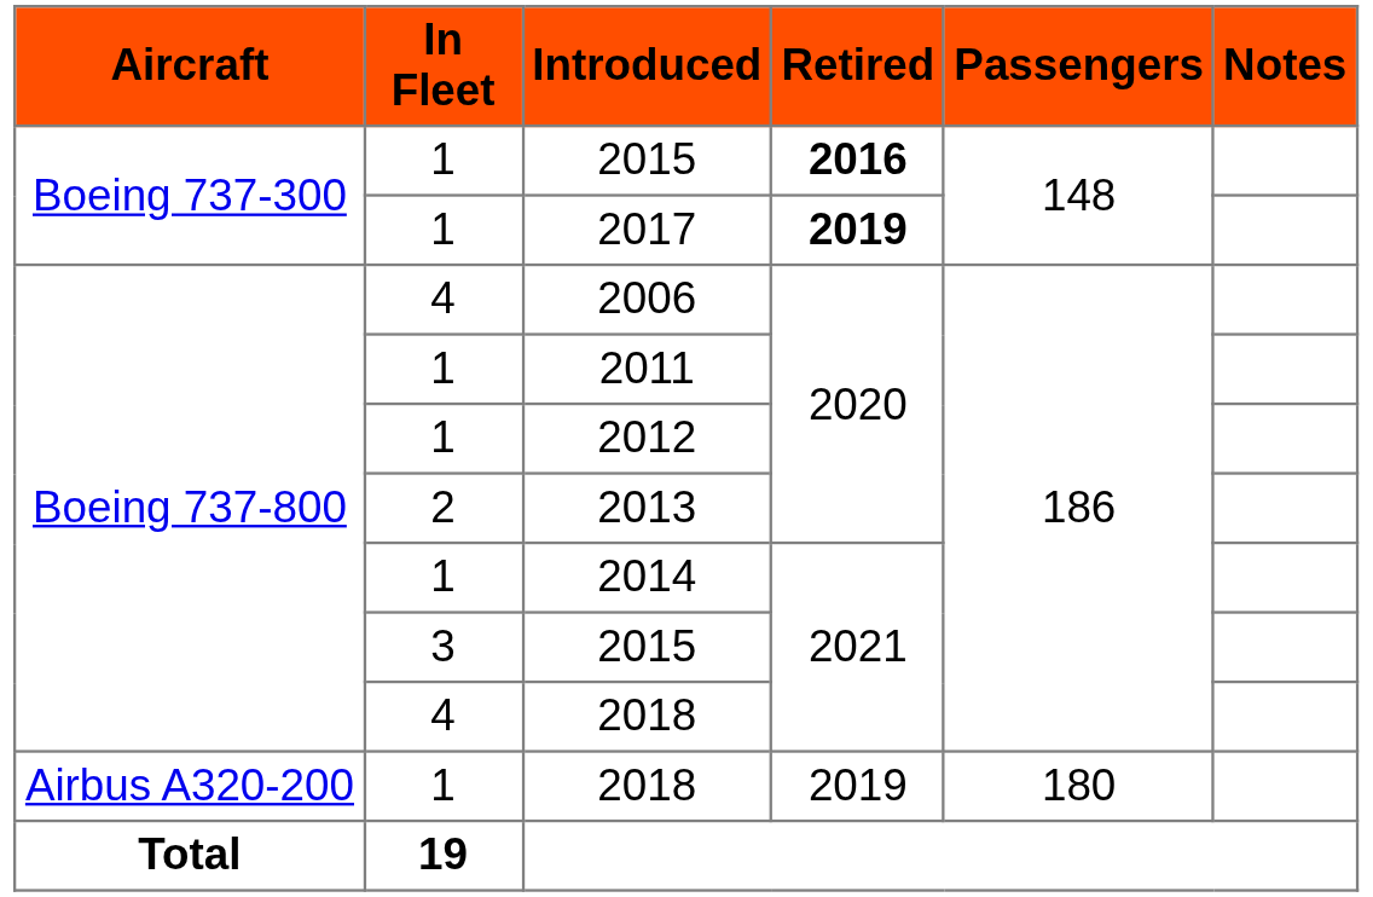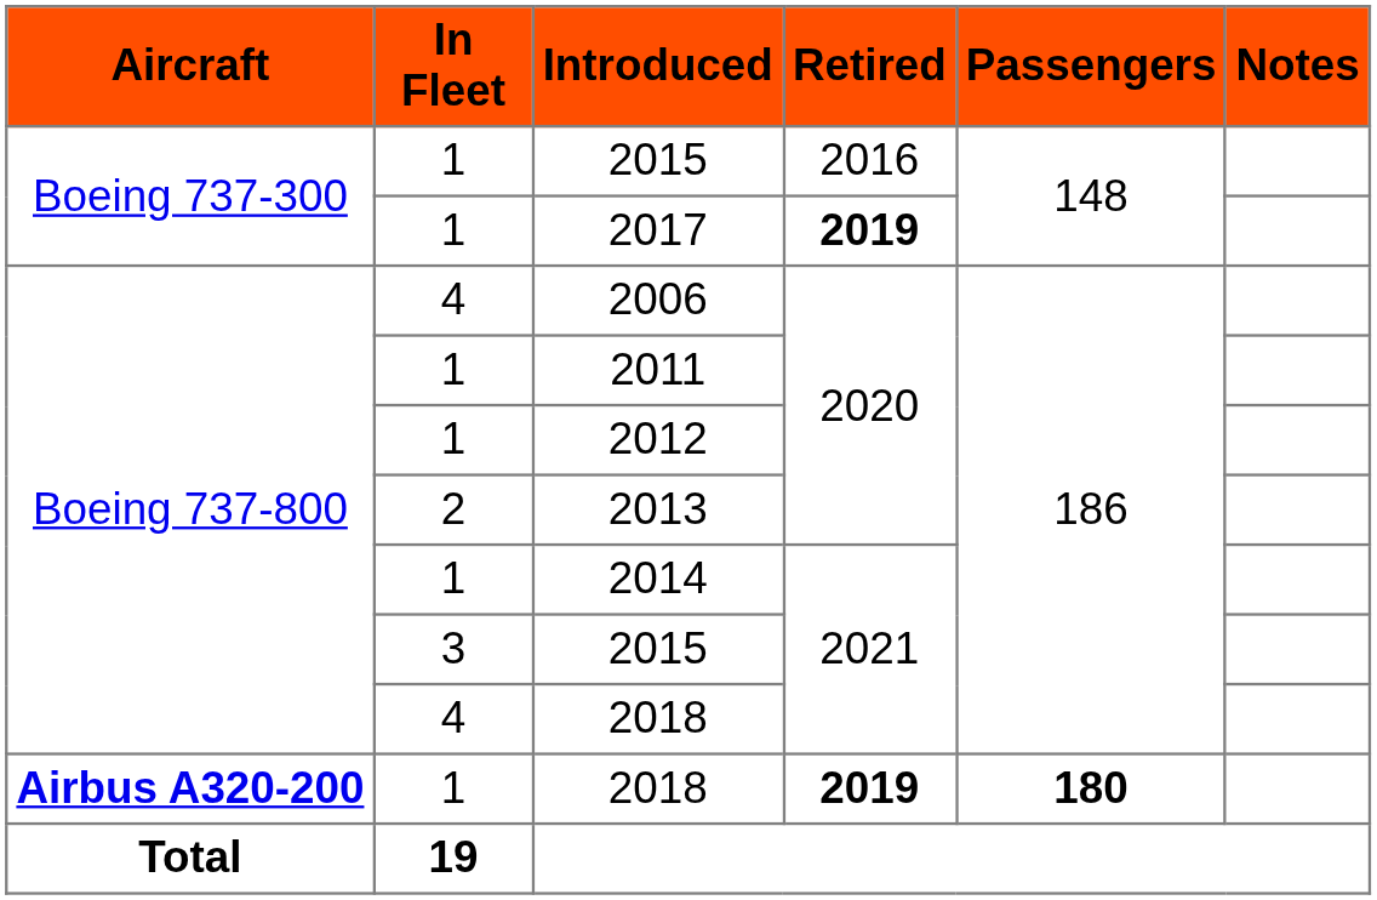 <table class="toccolours" border="1" cellpadding="3" style="border-collapse:collapse;text-align:center;margin:1em auto;">
 <tr style="background:#ff4e00;">
 <th><span>Aircraft</span></th>
 <th style="width:50px;"><span>In Fleet</span></th>
 <th><span>Introduced</span></th>
 <th><span>Retired</span></th>
 <th><span>Passengers</span></th>
 <th><span>Notes</span></th>
 </tr>
 <tr>
 <td rowspan="2"><a href='#'>Boeing 737-300</a></td>
 <td>1</td>
 <td>2015</td>
-<td><strong>2016</strong></td>
+<td>2016</td>
 <td rowspan="2">148</td>
 <td></td>
 </tr>
 <tr>
 <td>1</td>
 <td>2017</td>
 <td><strong>2019</strong></td>
 <td></td>
 </tr>
 <tr>
 <td rowspan="7"><a href='#'>Boeing 737-800</a></td>
 <td>4</td>
 <td>2006</td>
 <td rowspan="4">2020</td>
 <td rowspan="7">186</td>
 <td></td>
 </tr>
 <tr>
 <td>1</td>
 <td>2011</td>
 <td></td>
 </tr>
 <tr>
 <td>1</td>
 <td>2012</td>
 <td></td>
 </tr>
 <tr>
 <td>2</td>
 <td>2013</td>
 <td></td>
 </tr>
 <tr>
 <td>1</td>
 <td>2014</td>
 <td rowspan="3">2021</td>
 <td></td>
 </tr>
 <tr>
 <td>3</td>
 <td>2015</td>
 <td></td>
 </tr>
 <tr>
 <td>4</td>
 <td>2018</td>
 <td></td>
 </tr>
 <tr>
-<td><a href='#'>Airbus A320-200</a></td>
+<td><strong><a href='#'>Airbus A320-200</a></strong></td>
 <td>1</td>
 <td>2018</td>
-<td>2019</td>
-<td>180</td>
+<td><strong>2019</strong></td>
+<td><strong>180</strong></td>
 <td></td>
 </tr>
 <tr>
 <td><strong>Total</strong></td>
 <th>19</th>
 <th colspan="4"></th>
 </tr>
 </table>
